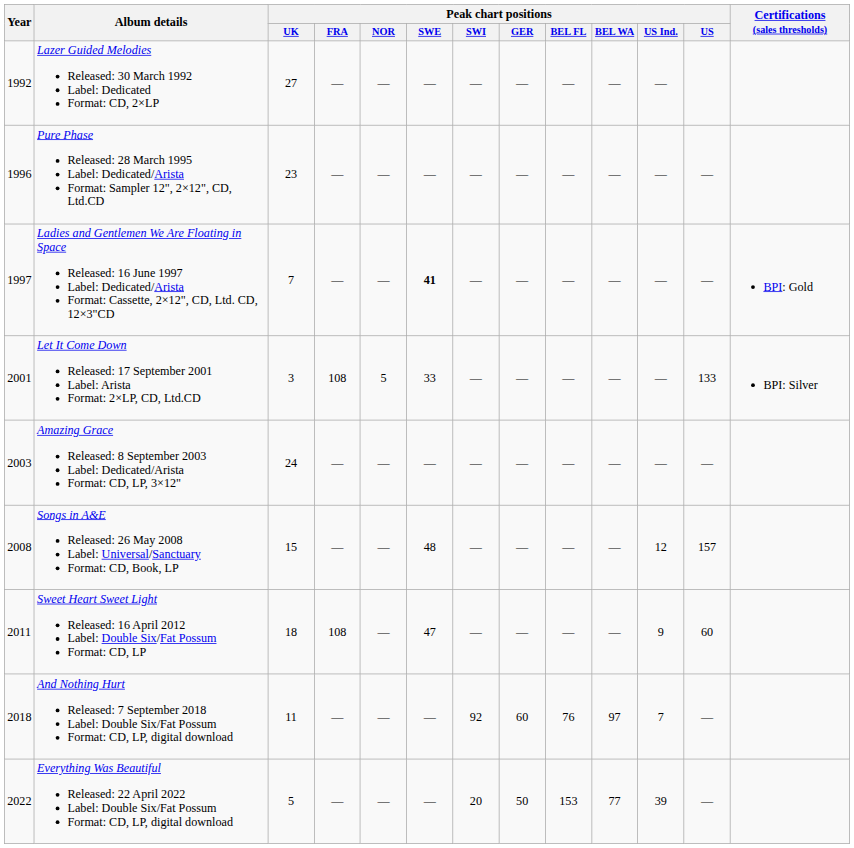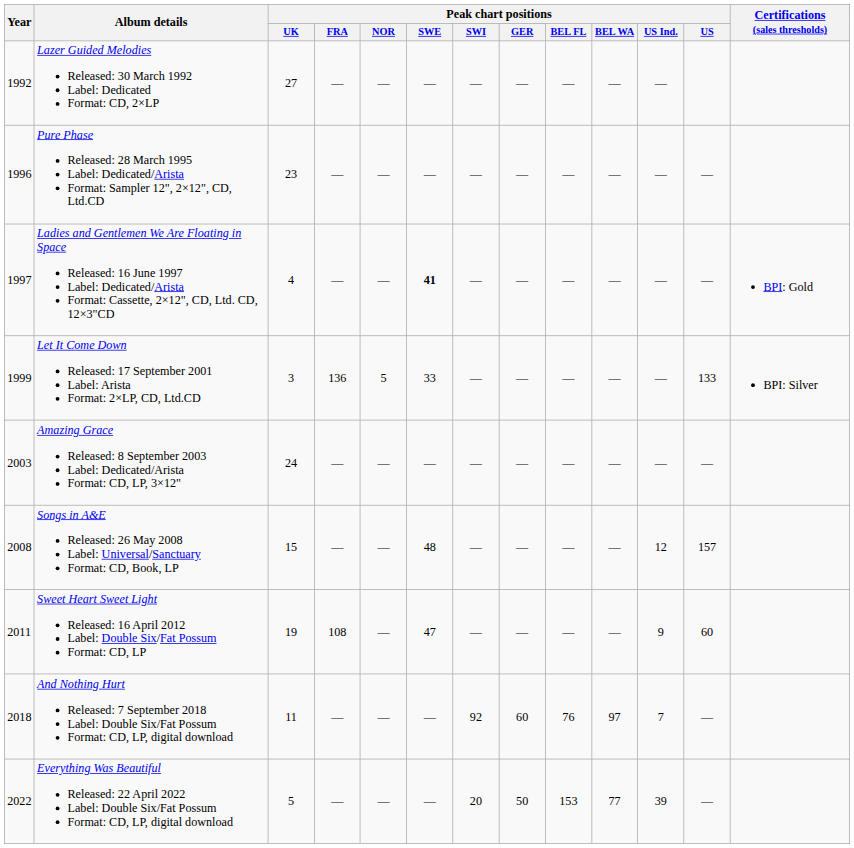 <table class="wikitable" style="text-align:left;">
 <tr>
 <th rowspan="2">Year</th>
 <th rowspan="2" style="width:300px;">Album details</th>
 <th colspan="10">Peak chart positions</th>
 <th rowspan="2" style="width:150px;"><a href='#'>Certifications</a><br><small><a href='#'>(sales thresholds)</a></small></th>
 </tr>
 <tr>
 <th style="width:4em;font-size:85%"><a href='#'>UK</a><br></th>
 <th style="width:4em;font-size:85%;"><a href='#'>FRA</a><br></th>
 <th style="width:4em;font-size:85%;"><a href='#'>NOR</a><br></th>
 <th style="width:4em;font-size:85%"><a href='#'>SWE</a><br></th>
 <th style="width:4em;font-size:85%"><a href='#'>SWI</a><br></th>
 <th style="width:4em;font-size:85%"><a href='#'>GER</a><br></th>
 <th style="width:4em;font-size:85%"><a href='#'>BEL FL</a><br></th>
 <th style="width:4em;font-size:85%"><a href='#'>BEL WA</a><br></th>
 <th style="width:4em;font-size:85%"><a href='#'>US Ind.</a><br></th>
 <th style="width:4em;font-size:85%"><a href='#'>US</a><br></th>
 </tr>
 <tr>
 <td>1992</td>
 <td><em><a href='#'>Lazer Guided Melodies</a></em><br><ul><li>Released: 30 March 1992</li><li>Label: Dedicated</li><li>Format: CD, 2×LP</li></ul></td>
 <td style="text-align:center;">27</td>
 <td style="text-align:center;">—</td>
 <td style="text-align:center;">—</td>
 <td style="text-align:center;">—</td>
 <td style="text-align:center;">—</td>
 <td style="text-align:center;">—</td>
 <td style="text-align:center;">—</td>
 <td style="text-align:center;">—</td>
 <td style="text-align:center;">—</td>
 <td></td>
 </tr>
 <tr>
 <td>1996</td>
 <td><em><a href='#'>Pure Phase</a></em><br><ul><li>Released: 28 March 1995</li><li>Label: Dedicated/<a href='#'>Arista</a></li><li>Format: Sampler 12", 2×12", CD, Ltd.CD</li></ul></td>
 <td style="text-align:center;">23</td>
 <td style="text-align:center;">—</td>
 <td style="text-align:center;">—</td>
 <td style="text-align:center;">—</td>
 <td style="text-align:center;">—</td>
 <td style="text-align:center;">—</td>
 <td style="text-align:center;">—</td>
 <td style="text-align:center;">—</td>
 <td style="text-align:center;">—</td>
 <td style="text-align:center;">—</td>
 <td></td>
 </tr>
 <tr>
 <td>1997</td>
 <td><em><a href='#'>Ladies and Gentlemen We Are Floating in Space</a></em><br><ul><li>Released: 16 June 1997</li><li>Label: Dedicated/<a href='#'>Arista</a></li><li>Format: Cassette, 2×12", CD, Ltd. CD, 12×3"CD</li></ul></td>
-<td style="text-align:center;">7</td>
+<td style="text-align:center;">4</td>
 <td style="text-align:center;">—</td>
 <td style="text-align:center;">—</td>
 <td style="text-align:center;"><strong>41</strong></td>
 <td style="text-align:center;">—</td>
 <td style="text-align:center;">—</td>
 <td style="text-align:center;">—</td>
 <td style="text-align:center;">—</td>
 <td style="text-align:center;">—</td>
 <td style="text-align:center;">—</td>
 <td><br><ul><li><a href='#'>BPI</a>: Gold</li></ul></td>
 </tr>
 <tr>
-<td>2001</td>
+<td>1999</td>
 <td><em><a href='#'>Let It Come Down</a></em><br><ul><li>Released: 17 September 2001</li><li>Label: Arista</li><li>Format: 2×LP, CD, Ltd.CD</li></ul></td>
 <td style="text-align:center;">3</td>
-<td style="text-align:center;">108</td>
+<td style="text-align:center;">136</td>
 <td style="text-align:center;">5</td>
 <td style="text-align:center;">33</td>
 <td style="text-align:center;">—</td>
 <td style="text-align:center;">—</td>
 <td style="text-align:center;">—</td>
 <td style="text-align:center;">—</td>
 <td style="text-align:center;">—</td>
 <td style="text-align:center;">133</td>
 <td><br><ul><li>BPI: Silver</li></ul></td>
 </tr>
 <tr>
 <td>2003</td>
 <td><em><a href='#'>Amazing Grace</a></em><br><ul><li>Released: 8 September 2003</li><li>Label: Dedicated/Arista</li><li>Format: CD, LP, 3×12"</li></ul></td>
 <td style="text-align:center;">24</td>
 <td style="text-align:center;">—</td>
 <td style="text-align:center;">—</td>
 <td style="text-align:center;">—</td>
 <td style="text-align:center;">—</td>
 <td style="text-align:center;">—</td>
 <td style="text-align:center;">—</td>
 <td style="text-align:center;">—</td>
 <td style="text-align:center;">—</td>
 <td style="text-align:center;">—</td>
 <td></td>
 </tr>
 <tr>
 <td>2008</td>
 <td><em><a href='#'>Songs in A&E</a></em><br><ul><li>Released: 26 May 2008</li><li>Label: <a href='#'>Universal</a>/<a href='#'>Sanctuary</a></li><li>Format: CD, Book, LP</li></ul></td>
 <td style="text-align:center;">15</td>
 <td style="text-align:center;">—</td>
 <td style="text-align:center;">—</td>
 <td style="text-align:center;">48</td>
 <td style="text-align:center;">—</td>
 <td style="text-align:center;">—</td>
 <td style="text-align:center;">—</td>
 <td style="text-align:center;">—</td>
 <td style="text-align:center;">12</td>
 <td style="text-align:center;">157</td>
 <td></td>
 </tr>
 <tr>
 <td>2011</td>
 <td><em><a href='#'>Sweet Heart Sweet Light</a></em><br><ul><li>Released: 16 April 2012</li><li>Label: <a href='#'>Double Six</a>/<a href='#'>Fat Possum</a></li><li>Format: CD, LP</li></ul></td>
-<td style="text-align:center;">18</td>
+<td style="text-align:center;">19</td>
 <td style="text-align:center;">108</td>
 <td style="text-align:center;">—</td>
 <td style="text-align:center;">47</td>
 <td style="text-align:center;">—</td>
 <td style="text-align:center;">—</td>
 <td style="text-align:center;">—</td>
 <td style="text-align:center;">—</td>
 <td style="text-align:center;">9</td>
 <td style="text-align:center;">60</td>
 <td></td>
 </tr>
 <tr>
 <td>2018</td>
 <td><em><a href='#'>And Nothing Hurt</a></em><br><ul><li>Released: 7 September 2018</li><li>Label: Double Six/Fat Possum</li><li>Format: CD, LP, digital download</li></ul></td>
 <td style="text-align:center;">11</td>
 <td style="text-align:center;">—</td>
 <td style="text-align:center;">—</td>
 <td style="text-align:center;">—</td>
 <td style="text-align:center;">92</td>
 <td style="text-align:center;">60</td>
 <td style="text-align:center;">76</td>
 <td style="text-align:center;">97</td>
 <td style="text-align:center;">7</td>
 <td style="text-align:center;">—</td>
 <td></td>
 </tr>
 <tr>
 <td>2022</td>
 <td><em><a href='#'>Everything Was Beautiful</a></em><br><ul><li>Released: 22 April 2022</li><li>Label: Double Six/Fat Possum</li><li>Format: CD, LP, digital download</li></ul></td>
 <td style="text-align:center;">5</td>
 <td style="text-align:center;">—</td>
 <td style="text-align:center;">—</td>
 <td style="text-align:center;">—</td>
 <td style="text-align:center;">20</td>
 <td style="text-align:center;">50</td>
 <td style="text-align:center;">153</td>
 <td style="text-align:center;">77</td>
 <td style="text-align:center;">39</td>
 <td style="text-align:center;">—</td>
 </tr>
 </table>
